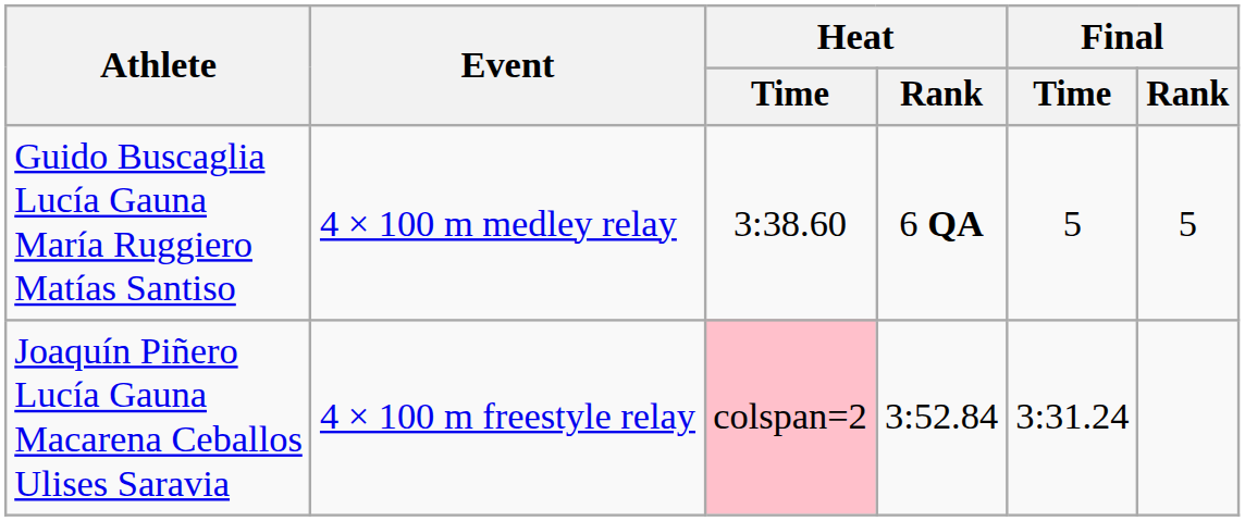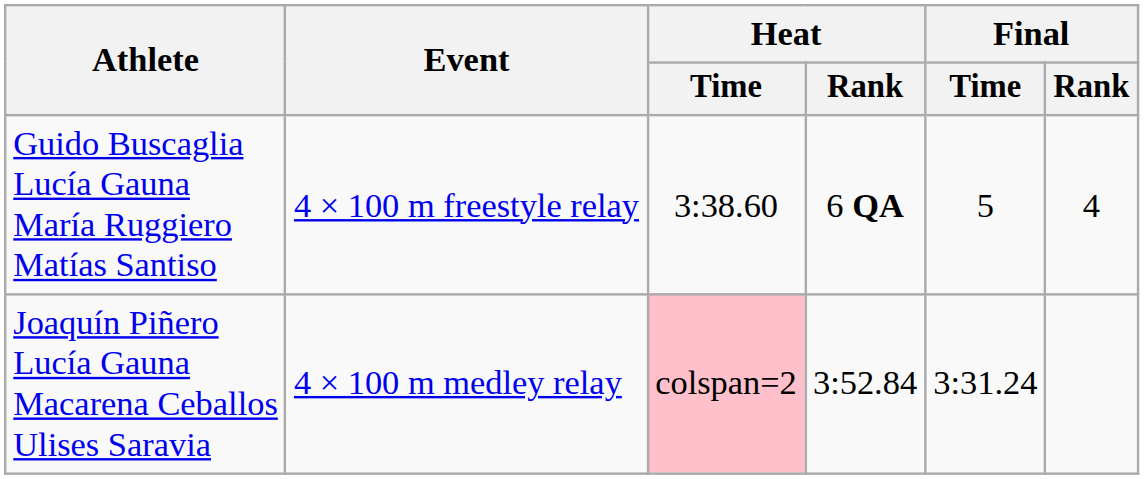 <table class=wikitable style="font-size:90%">
 <tr>
 <th rowspan="2">Athlete</th>
 <th rowspan="2">Event</th>
 <th colspan="2">Heat</th>
 <th colspan="2">Final</th>
 </tr>
 <tr style="font-size:95%">
 <th>Time</th>
 <th>Rank</th>
 <th>Time</th>
 <th>Rank</th>
 </tr>
 <tr align=center>
 <td align=left><a href='#'>Guido Buscaglia</a><br><a href='#'>Lucía Gauna</a><br><a href='#'>María Ruggiero</a><br><a href='#'>Matías Santiso</a></td>
-<td align=left><a href='#'>4 × 100 m medley relay</a></td>
+<td align=left><a href='#'>4 × 100 m freestyle relay</a></td>
 <td>3:38.60</td>
 <td>6 <strong>QA</strong></td>
 <td>5</td>
-<td>5</td>
+<td>4</td>
 </tr>
 <tr align=center>
 <td align=left><a href='#'>Joaquín Piñero</a><br><a href='#'>Lucía Gauna</a><br><a href='#'>Macarena Ceballos</a><br><a href='#'>Ulises Saravia</a></td>
-<td align=left><a href='#'>4 × 100 m freestyle relay</a></td>
+<td align=left><a href='#'>4 × 100 m medley relay</a></td>
 <td style="background: pink;">colspan=2 </td>
 <td>3:52.84</td>
 <td>3:31.24</td>
 </tr>
 </table>
